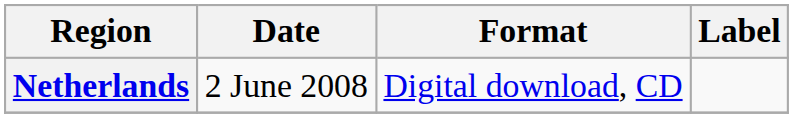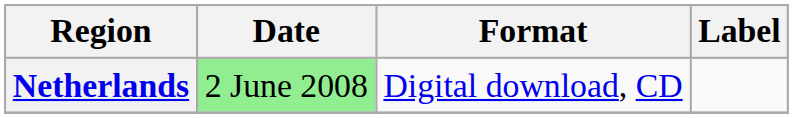 <table class="wikitable sortable plainrowheaders">
 <tr>
 <th>Region</th>
 <th>Date</th>
 <th>Format</th>
 <th>Label</th>
 </tr>
 <tr>
 <th scope="row"><a href='#'>Netherlands</a></th>
-<td>2 June 2008</td>
+<td style="background: lightgreen;">2 June 2008</td>
 <td><a href='#'>Digital download</a>, <a href='#'>CD</a></td>
 <td></td>
 </tr>
 <tr>
 </tr>
 </table>
